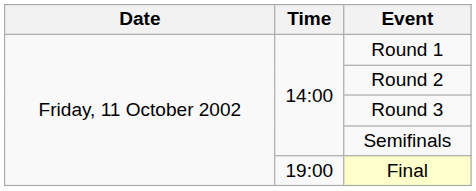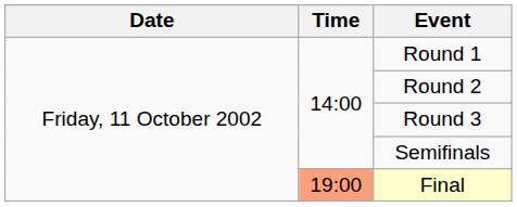 <table class = "wikitable" style="text-align:center;">
 <tr>
 <th width=220>Date</th>
 <th width=50>Time</th>
 <th width=100>Event</th>
 </tr>
 <tr>
 <td rowspan=5>Friday, 11 October 2002</td>
 <td rowspan=4>14:00</td>
 <td>Round 1</td>
 </tr>
 <tr>
 <td>Round 2</td>
 </tr>
 <tr>
 <td>Round 3</td>
 </tr>
 <tr>
 <td>Semifinals</td>
 </tr>
 <tr>
-<td>19:00</td>
+<td style="background: lightsalmon;">19:00</td>
 <td bgcolor=ffffcc>Final</td>
 </tr>
 </table>
